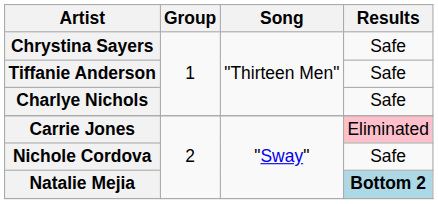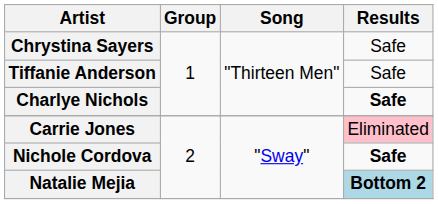 <table class="wikitable plainrowheaders" style="text-align:center;">
 <tr>
 <th scope="col">Artist</th>
 <th scope="col">Group</th>
 <th scope="col">Song</th>
 <th scope="col">Results</th>
 </tr>
 <tr>
 <th scope="row">Chrystina Sayers</th>
 <td rowspan="3">1</td>
 <td rowspan="3">"Thirteen Men"</td>
 <td>Safe</td>
 </tr>
 <tr>
 <th scope="row">Tiffanie Anderson</th>
 <td>Safe</td>
 </tr>
 <tr>
 <th scope="row">Charlye Nichols</th>
-<td>Safe</td>
+<td><strong>Safe</strong></td>
 </tr>
 <tr>
 </tr>
 <tr>
 <th scope="row">Carrie Jones</th>
 <td rowspan="3">2</td>
 <td rowspan="3">"<a href='#'>Sway</a>"</td>
 <td style="background:pink;">Eliminated</td>
 </tr>
 <tr>
 <th scope="row">Nichole Cordova</th>
-<td>Safe</td>
+<td><strong>Safe</strong></td>
 </tr>
 <tr>
 <th scope="row">Natalie Mejia</th>
 <td style="background:lightblue;"><strong>Bottom 2</strong></td>
 </tr>
 <tr>
 </tr>
 </table>
